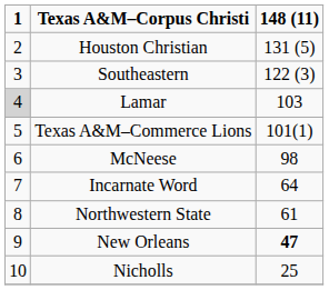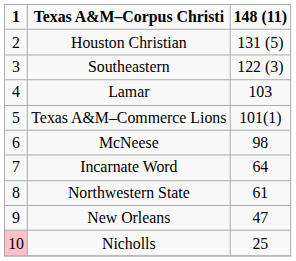 <table class="wikitable">
 <tr align="center">
 <td><strong>1</strong></td>
 <td><strong>Texas A&M–Corpus Christi</strong></td>
 <td><strong>148 (11)</strong></td>
 </tr>
 <tr align="center">
 <td>2</td>
 <td>Houston Christian</td>
 <td>131 (5)</td>
 </tr>
 <tr align="center">
 <td>3</td>
 <td>Southeastern</td>
 <td>122 (3)</td>
 </tr>
 <tr align="center">
-<td style="background: lightgrey;">4</td>
+<td>4</td>
 <td>Lamar</td>
 <td>103</td>
 </tr>
 <tr align="center">
 <td>5</td>
 <td>Texas A&M–Commerce Lions</td>
 <td>101(1)</td>
 </tr>
 <tr align="center">
 <td>6</td>
 <td>McNeese</td>
 <td>98</td>
 </tr>
 <tr align="center">
 <td>7</td>
 <td>Incarnate Word</td>
 <td>64</td>
 </tr>
 <tr align="center">
 <td>8</td>
 <td>Northwestern State</td>
 <td>61</td>
 </tr>
 <tr align="center">
 <td>9</td>
 <td>New Orleans</td>
-<td><strong>47</strong></td>
+<td>47</td>
 </tr>
 <tr align="center">
-<td>10</td>
+<td style="background: pink;">10</td>
 <td>Nicholls</td>
 <td>25</td>
 </tr>
 <tr align="center">
 </tr>
 </table>
